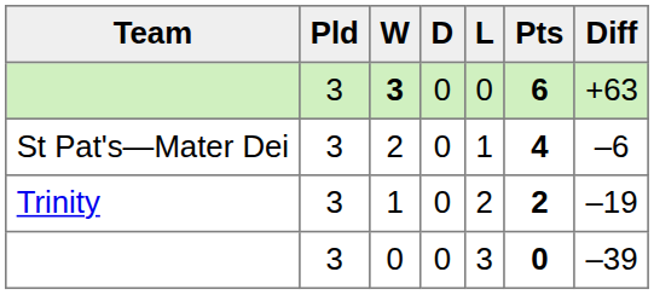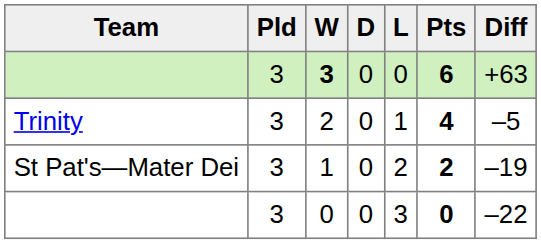 <table style=border-collapse:collapse border=1 cellspacing=0 cellpadding=5>
 <tr align=center bgcolor=#efefef>
 <th>Team</th>
 <th>Pld</th>
 <th>W</th>
 <th>D</th>
 <th>L</th>
 <th>Pts</th>
 <th>Diff</th>
 </tr>
 <tr align=center style="background:#D0F0C0;">
 <td style="text-align:left;"> </td>
 <td>3</td>
 <td><strong>3</strong></td>
 <td>0</td>
 <td>0</td>
 <td><strong>6</strong></td>
 <td>+63</td>
 </tr>
 <tr align=center style="background:#FFFFFF;">
-<td style="text-align:left;"> St Pat's—Mater Dei</td>
+<td style="text-align:left;"> <a href='#'>Trinity</a></td>
 <td>3</td>
 <td>2</td>
 <td>0</td>
 <td>1</td>
 <td><strong>4</strong></td>
-<td>–6</td>
+<td>–5</td>
 </tr>
 <tr align=center style="background:#FFFFFF;">
-<td style="text-align:left;"> <a href='#'>Trinity</a></td>
+<td style="text-align:left;"> St Pat's—Mater Dei</td>
 <td>3</td>
 <td>1</td>
 <td>0</td>
 <td>2</td>
 <td><strong>2</strong></td>
 <td>–19</td>
 </tr>
 <tr align=center style="background:#FFFFFF;">
 <td style="text-align:left;"> </td>
 <td>3</td>
 <td>0</td>
 <td>0</td>
 <td>3</td>
 <td><strong>0</strong></td>
-<td>–39</td>
+<td>–22</td>
 </tr>
 </table>
